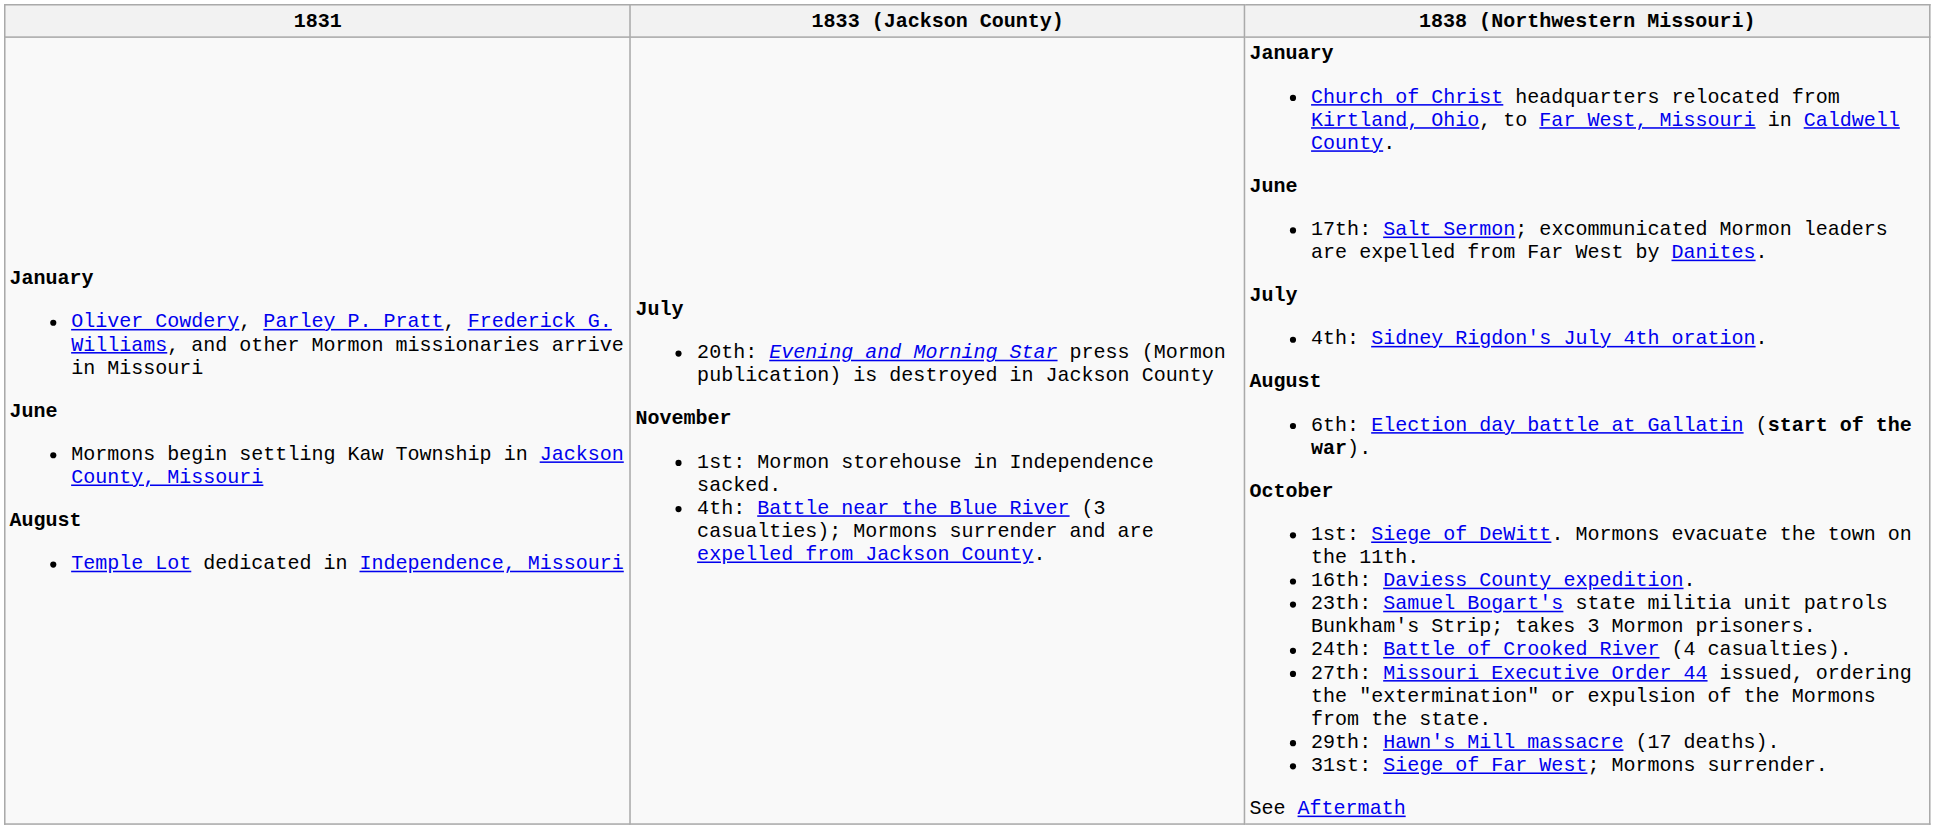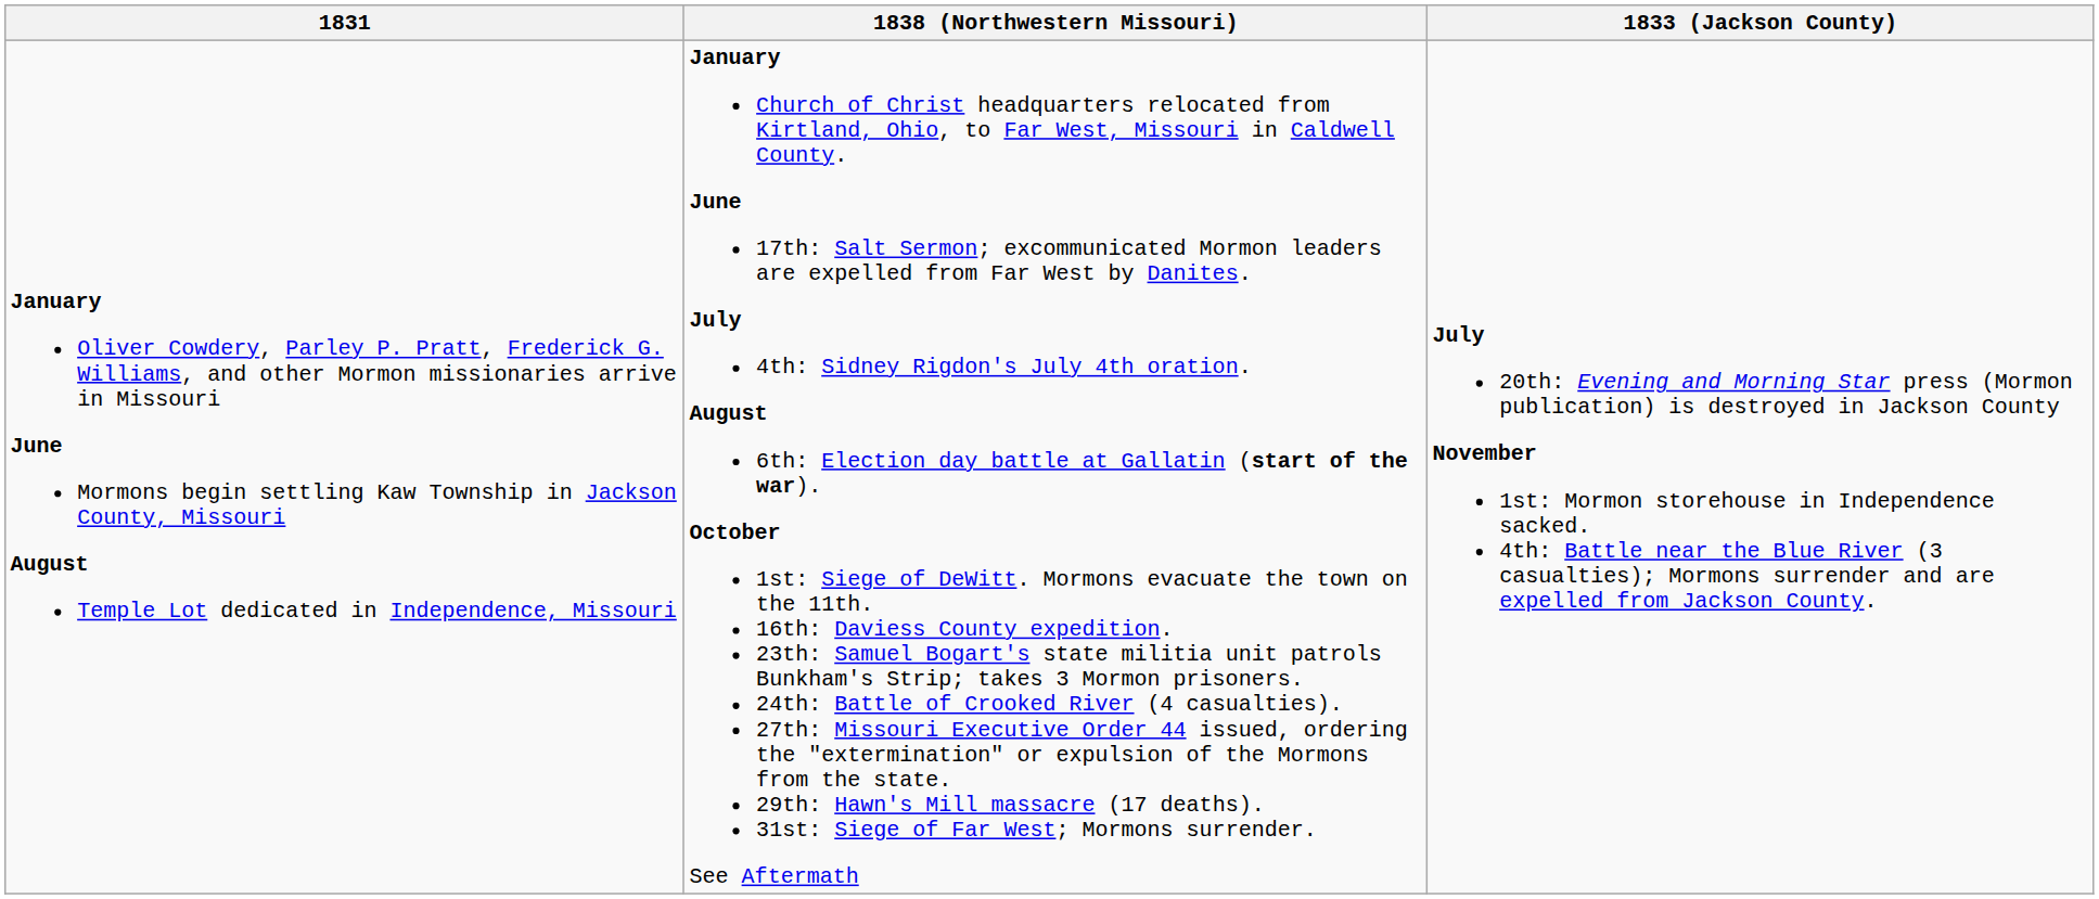 <table class="wikitable mw-collapsible mw-collapsed">
 <tr>
 <th><strong>1831</strong></th>
+<th><strong>1838 (Northwestern Missouri)</strong></th>
 <th><strong>1833 (Jackson County)</strong></th>
-<th><strong>1838 (Northwestern Missouri)</strong></th>
 </tr>
 <tr>
 <td><strong>January</strong><br><ul><li><a href='#'>Oliver Cowdery</a>, <a href='#'>Parley P. Pratt</a>, <a href='#'>Frederick G. Williams</a>, and other Mormon missionaries arrive in Missouri</li></ul><strong>June</strong><ul><li>Mormons begin settling Kaw Township in <a href='#'>Jackson County, Missouri</a></li></ul><strong>August</strong><ul><li><a href='#'>Temple Lot</a> dedicated in <a href='#'>Independence, Missouri</a></li></ul></td>
+<td><strong>January</strong><br><ul><li><a href='#'>Church of Christ</a> headquarters relocated from <a href='#'>Kirtland, Ohio</a>, to <a href='#'>Far West, Missouri</a> in <a href='#'>Caldwell County</a>.</li></ul><strong>June</strong><ul><li>17th: <a href='#'>Salt Sermon</a>; excommunicated Mormon leaders are expelled from Far West by <a href='#'>Danites</a>.</li></ul><strong>July</strong><ul><li>4th: <a href='#'>Sidney Rigdon's July 4th oration</a>.</li></ul><strong>August</strong><ul><li>6th: <a href='#'>Election day battle at Gallatin</a> (<strong>start of the war</strong>).</li></ul><strong>October</strong><ul><li>1st: <a href='#'>Siege of DeWitt</a>. Mormons evacuate the town on the 11th.</li><li>16th: <a href='#'>Daviess County expedition</a>.</li><li>23th: <a href='#'>Samuel Bogart's</a> state militia unit patrols Bunkham's Strip; takes 3 Mormon prisoners.</li><li>24th: <a href='#'>Battle of Crooked River</a> (4 casualties).</li><li>27th: <a href='#'>Missouri Executive Order 44</a> issued, ordering the "extermination" or expulsion of the Mormons from the state.</li><li>29th: <a href='#'>Hawn's Mill massacre</a> (17 deaths).</li><li>31st: <a href='#'>Siege of Far West</a>; Mormons surrender.</li></ul>See <a href='#'>Aftermath</a></td>
 <td><br><strong>July</strong><ul><li>20th: <a href='#'><em>Evening and Morning Star</em></a> press (Mormon publication) is destroyed in Jackson County</li></ul><strong>November</strong><ul><li>1st: Mormon storehouse in Independence sacked.</li><li>4th: <a href='#'>Battle near the Blue River</a> (3 casualties); Mormons surrender and are <a href='#'>expelled from Jackson County</a>.</li></ul></td>
-<td><strong>January</strong><br><ul><li><a href='#'>Church of Christ</a> headquarters relocated from <a href='#'>Kirtland, Ohio</a>, to <a href='#'>Far West, Missouri</a> in <a href='#'>Caldwell County</a>.</li></ul><strong>June</strong><ul><li>17th: <a href='#'>Salt Sermon</a>; excommunicated Mormon leaders are expelled from Far West by <a href='#'>Danites</a>.</li></ul><strong>July</strong><ul><li>4th: <a href='#'>Sidney Rigdon's July 4th oration</a>.</li></ul><strong>August</strong><ul><li>6th: <a href='#'>Election day battle at Gallatin</a> (<strong>start of the war</strong>).</li></ul><strong>October</strong><ul><li>1st: <a href='#'>Siege of DeWitt</a>. Mormons evacuate the town on the 11th.</li><li>16th: <a href='#'>Daviess County expedition</a>.</li><li>23th: <a href='#'>Samuel Bogart's</a> state militia unit patrols Bunkham's Strip; takes 3 Mormon prisoners.</li><li>24th: <a href='#'>Battle of Crooked River</a> (4 casualties).</li><li>27th: <a href='#'>Missouri Executive Order 44</a> issued, ordering the "extermination" or expulsion of the Mormons from the state.</li><li>29th: <a href='#'>Hawn's Mill massacre</a> (17 deaths).</li><li>31st: <a href='#'>Siege of Far West</a>; Mormons surrender.</li></ul>See <a href='#'>Aftermath</a></td>
 </tr>
 </table>
